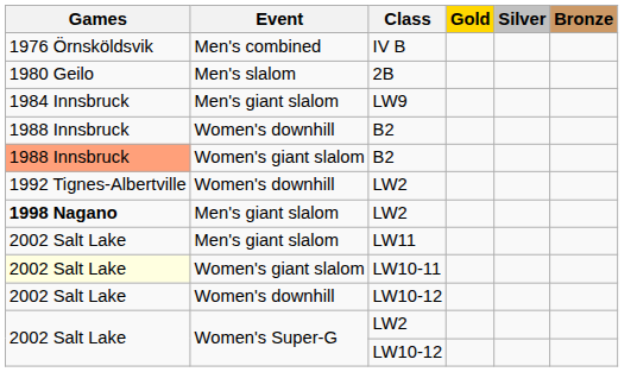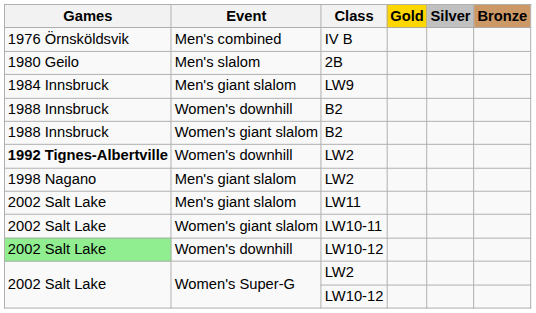 <table class="wikitable sortable" border="1">
 <tr align=center>
 <th><strong>Games</strong></th>
 <th>Event</th>
 <th>Class</th>
 <th style="background-color: gold"><strong>Gold</strong></th>
 <th style="background-color: silver"><strong>Silver</strong></th>
 <th style="background-color: #cc9966"><strong>Bronze</strong></th>
 </tr>
 <tr>
 <td>1976 Örnsköldsvik</td>
 <td>Men's combined</td>
 <td>IV B</td>
 <td></td>
 <td></td>
 <td></td>
 </tr>
 <tr>
 <td>1980 Geilo</td>
 <td>Men's slalom</td>
 <td>2B</td>
 <td></td>
 <td></td>
 <td></td>
 </tr>
 <tr>
 <td>1984 Innsbruck</td>
 <td>Men's giant slalom</td>
 <td>LW9</td>
 <td></td>
 <td></td>
 <td></td>
 </tr>
 <tr>
 <td>1988 Innsbruck</td>
 <td>Women's downhill</td>
 <td>B2</td>
 <td></td>
 <td></td>
 <td></td>
 </tr>
 <tr>
-<td style="background: lightsalmon;">1988 Innsbruck</td>
+<td>1988 Innsbruck</td>
 <td>Women's giant slalom</td>
 <td>B2</td>
 <td></td>
 <td></td>
 <td></td>
 </tr>
 <tr>
-<td>1992 Tignes-Albertville</td>
+<td><strong>1992 Tignes-Albertville</strong></td>
 <td>Women's downhill</td>
 <td>LW2</td>
 <td></td>
 <td></td>
 <td></td>
 </tr>
 <tr>
-<td><strong>1998 Nagano</strong></td>
+<td>1998 Nagano</td>
 <td>Men's giant slalom</td>
 <td>LW2</td>
 <td></td>
 <td></td>
 <td></td>
 </tr>
 <tr>
 <td>2002 Salt Lake</td>
 <td>Men's giant slalom</td>
 <td>LW11</td>
 <td></td>
 <td></td>
 <td></td>
 </tr>
 <tr>
-<td style="background: lightyellow;">2002 Salt Lake</td>
+<td>2002 Salt Lake</td>
 <td>Women's giant slalom</td>
 <td>LW10-11</td>
 <td></td>
 <td></td>
 <td></td>
 </tr>
 <tr>
-<td>2002 Salt Lake</td>
+<td style="background: lightgreen;">2002 Salt Lake</td>
 <td>Women's downhill</td>
 <td>LW10-12</td>
 <td></td>
 <td></td>
 <td></td>
 </tr>
 <tr>
 <td rowspan="2">2002 Salt Lake</td>
 <td rowspan="2">Women's Super-G</td>
 <td>LW2</td>
 <td></td>
 <td></td>
 <td></td>
 </tr>
 <tr>
 <td>LW10-12</td>
 <td></td>
 <td></td>
 <td></td>
 </tr>
 </table>
